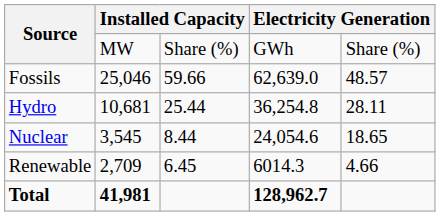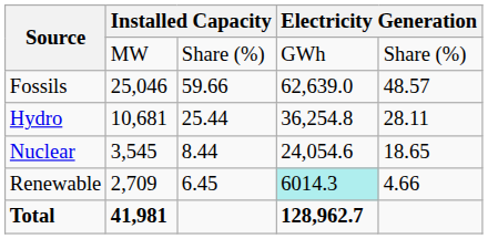 <table class="wikitable">
 <tr>
 <th rowspan="2">Source</th>
 <th colspan="2">Installed Capacity</th>
 <th colspan="2">Electricity Generation</th>
 </tr>
 <tr>
 <td>MW</td>
 <td>Share (%)</td>
 <td>GWh</td>
 <td>Share (%)</td>
 </tr>
 <tr>
 <td>Fossils</td>
 <td>25,046</td>
 <td>59.66</td>
 <td>62,639.0</td>
 <td>48.57</td>
 </tr>
 <tr>
 <td><a href='#'>Hydro</a></td>
 <td>10,681</td>
 <td>25.44</td>
 <td>36,254.8</td>
 <td>28.11</td>
 </tr>
 <tr>
 <td><a href='#'>Nuclear</a></td>
 <td>3,545</td>
 <td>8.44</td>
 <td>24,054.6</td>
 <td>18.65</td>
 </tr>
 <tr>
 <td>Renewable</td>
 <td>2,709</td>
 <td>6.45</td>
-<td>6014.3</td>
+<td style="background: paleturquoise;">6014.3</td>
 <td>4.66</td>
 </tr>
 <tr>
 <td><strong>Total</strong></td>
 <td><strong>41,981</strong></td>
 <td></td>
 <td><strong>128,962.7</strong></td>
 <td></td>
 </tr>
 </table>
